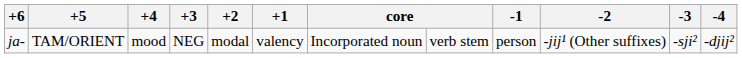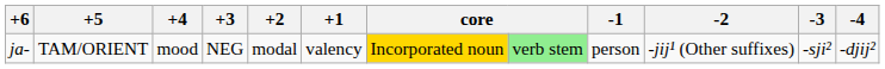 <table class="wikitable">
 <tr>
 <th>+6</th>
 <th>+5</th>
 <th>+4</th>
 <th>+3</th>
 <th>+2</th>
 <th>+1</th>
 <th colspan="2">core</th>
 <th>-1</th>
 <th>-2</th>
 <th>-3</th>
 <th>-4</th>
 </tr>
 <tr>
 <td><em>ja-</em></td>
 <td>TAM/ORIENT</td>
 <td>mood</td>
 <td>NEG</td>
 <td>modal</td>
 <td>valency</td>
-<td>Incorporated noun</td>
-<td>verb stem</td>
+<td style="background: gold;">Incorporated noun</td>
+<td style="background: lightgreen;">verb stem</td>
 <td>person</td>
 <td><em>-jij¹</em> (Other suffixes)</td>
 <td><em>-sji²</em></td>
 <td><em>-djij²</em></td>
 </tr>
 </table>
